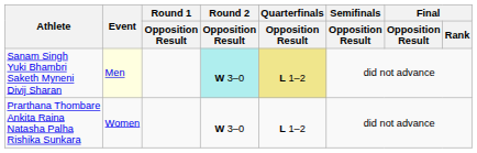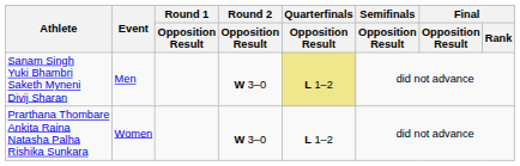 <table class=wikitable style="text-align:center; font-size:90%">
 <tr>
 <th rowspan=2>Athlete</th>
 <th rowspan=2>Event</th>
 <th>Round 1</th>
 <th>Round 2</th>
 <th>Quarterfinals</th>
 <th>Semifinals</th>
 <th colspan=2>Final</th>
 </tr>
 <tr>
 <th>Opposition<br>Result</th>
 <th>Opposition<br>Result</th>
 <th>Opposition<br>Result</th>
 <th>Opposition<br>Result</th>
 <th>Opposition<br>Result</th>
 <th>Rank</th>
 </tr>
 <tr>
 <td align=left><a href='#'>Sanam Singh</a><br><a href='#'>Yuki Bhambri</a><br><a href='#'>Saketh Myneni</a><br><a href='#'>Divij Sharan</a></td>
-<td align=left style="background: lightyellow;"><a href='#'>Men</a></td>
+<td align=left><a href='#'>Men</a></td>
 <td></td>
-<td style="background: paleturquoise;"><br><strong>W</strong> 3–0</td>
+<td><br><strong>W</strong> 3–0</td>
 <td style="background: khaki;"><br><strong>L</strong> 1–2</td>
 <td colspan=3>did not advance</td>
 </tr>
 <tr>
 <td align=left><a href='#'>Prarthana Thombare</a><br><a href='#'>Ankita Raina</a><br><a href='#'>Natasha Palha</a><br><a href='#'>Rishika Sunkara</a></td>
 <td align=left><a href='#'>Women</a></td>
 <td></td>
 <td><br><strong>W</strong> 3–0</td>
 <td><br><strong>L</strong> 1–2</td>
 <td colspan=3>did not advance</td>
 </tr>
 </table>
